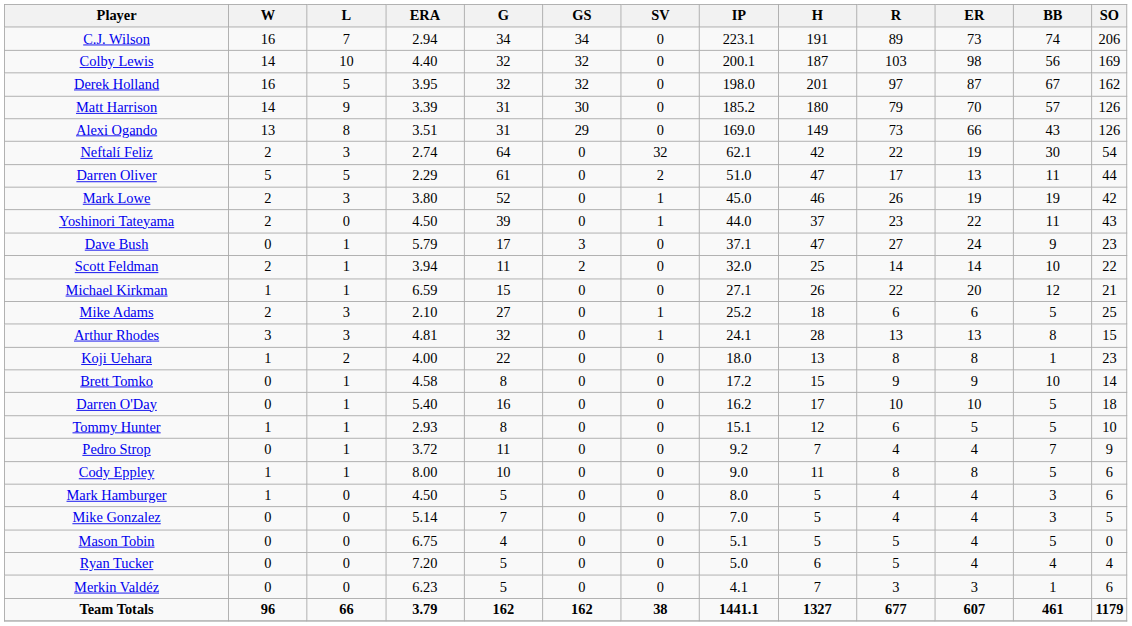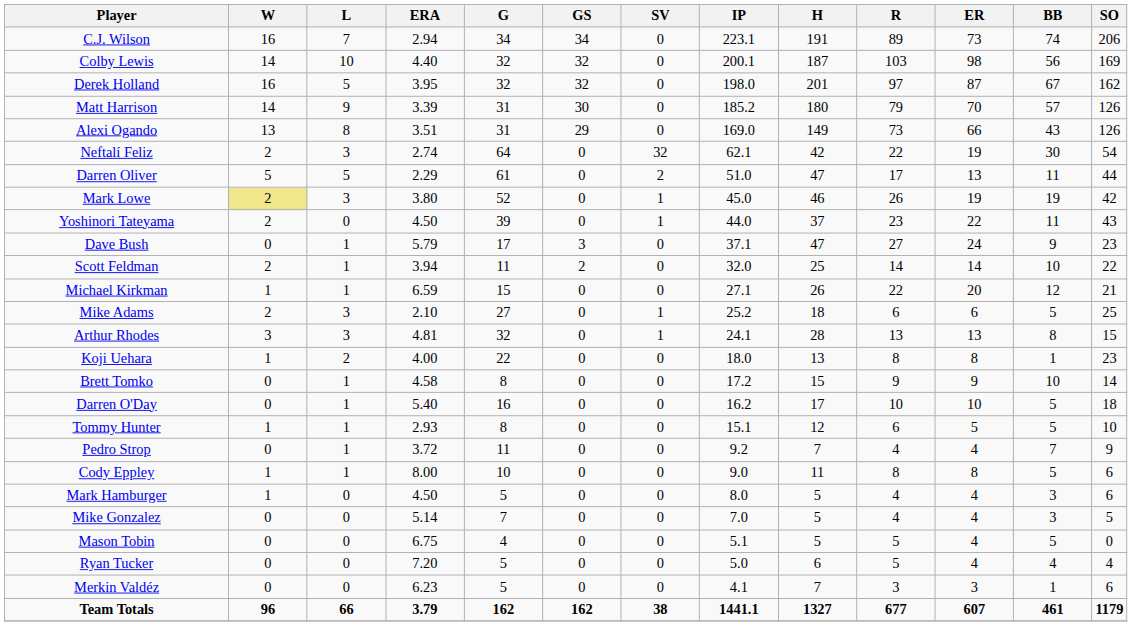 <table class=wikitable style="text-align:center">
 <tr>
 <th bgcolor=#DDDDFF; width="20%">Player</th>
 <th bgcolor=#DDDDFF; width="7%">W</th>
 <th bgcolor=#DDDDFF; width="7%">L</th>
 <th bgcolor=#DDDDFF; width="7%">ERA</th>
 <th bgcolor=#DDDDFF; width="7%">G</th>
 <th bgcolor=#DDDDFF; width="7%">GS</th>
 <th bgcolor=#DDDDFF; width="7%">SV</th>
 <th bgcolor=#DDDDFF; width="7%">IP</th>
 <th bgcolor=#DDDDFF; width="7%">H</th>
 <th bgcolor=#DDDDFF; width="7%">R</th>
 <th bgcolor=#DDDDFF; width="7%">ER</th>
 <th bgcolor=#DDDDFF; width="7%">BB</th>
 <th bgcolor=#DDDDFF; width="7%">SO</th>
 </tr>
 <tr>
 <td><a href='#'>C.J. Wilson</a></td>
 <td>16</td>
 <td>7</td>
 <td>2.94</td>
 <td>34</td>
 <td>34</td>
 <td>0</td>
 <td>223.1</td>
 <td>191</td>
 <td>89</td>
 <td>73</td>
 <td>74</td>
 <td>206</td>
 </tr>
 <tr>
 <td><a href='#'>Colby Lewis</a></td>
 <td>14</td>
 <td>10</td>
 <td>4.40</td>
 <td>32</td>
 <td>32</td>
 <td>0</td>
 <td>200.1</td>
 <td>187</td>
 <td>103</td>
 <td>98</td>
 <td>56</td>
 <td>169</td>
 </tr>
 <tr>
 <td><a href='#'>Derek Holland</a></td>
 <td>16</td>
 <td>5</td>
 <td>3.95</td>
 <td>32</td>
 <td>32</td>
 <td>0</td>
 <td>198.0</td>
 <td>201</td>
 <td>97</td>
 <td>87</td>
 <td>67</td>
 <td>162</td>
 </tr>
 <tr>
 <td><a href='#'>Matt Harrison</a></td>
 <td>14</td>
 <td>9</td>
 <td>3.39</td>
 <td>31</td>
 <td>30</td>
 <td>0</td>
 <td>185.2</td>
 <td>180</td>
 <td>79</td>
 <td>70</td>
 <td>57</td>
 <td>126</td>
 </tr>
 <tr>
 <td><a href='#'>Alexi Ogando</a></td>
 <td>13</td>
 <td>8</td>
 <td>3.51</td>
 <td>31</td>
 <td>29</td>
 <td>0</td>
 <td>169.0</td>
 <td>149</td>
 <td>73</td>
 <td>66</td>
 <td>43</td>
 <td>126</td>
 </tr>
 <tr>
 <td><a href='#'>Neftalí Feliz</a></td>
 <td>2</td>
 <td>3</td>
 <td>2.74</td>
 <td>64</td>
 <td>0</td>
 <td>32</td>
 <td>62.1</td>
 <td>42</td>
 <td>22</td>
 <td>19</td>
 <td>30</td>
 <td>54</td>
 </tr>
 <tr>
 <td><a href='#'>Darren Oliver</a></td>
 <td>5</td>
 <td>5</td>
 <td>2.29</td>
 <td>61</td>
 <td>0</td>
 <td>2</td>
 <td>51.0</td>
 <td>47</td>
 <td>17</td>
 <td>13</td>
 <td>11</td>
 <td>44</td>
 </tr>
 <tr>
 <td><a href='#'>Mark Lowe</a></td>
-<td>2</td>
+<td style="background: khaki;">2</td>
 <td>3</td>
 <td>3.80</td>
 <td>52</td>
 <td>0</td>
 <td>1</td>
 <td>45.0</td>
 <td>46</td>
 <td>26</td>
 <td>19</td>
 <td>19</td>
 <td>42</td>
 </tr>
 <tr>
 <td><a href='#'>Yoshinori Tateyama</a></td>
 <td>2</td>
 <td>0</td>
 <td>4.50</td>
 <td>39</td>
 <td>0</td>
 <td>1</td>
 <td>44.0</td>
 <td>37</td>
 <td>23</td>
 <td>22</td>
 <td>11</td>
 <td>43</td>
 </tr>
 <tr>
 <td><a href='#'>Dave Bush</a></td>
 <td>0</td>
 <td>1</td>
 <td>5.79</td>
 <td>17</td>
 <td>3</td>
 <td>0</td>
 <td>37.1</td>
 <td>47</td>
 <td>27</td>
 <td>24</td>
 <td>9</td>
 <td>23</td>
 </tr>
 <tr>
 <td><a href='#'>Scott Feldman</a></td>
 <td>2</td>
 <td>1</td>
 <td>3.94</td>
 <td>11</td>
 <td>2</td>
 <td>0</td>
 <td>32.0</td>
 <td>25</td>
 <td>14</td>
 <td>14</td>
 <td>10</td>
 <td>22</td>
 </tr>
 <tr>
 <td><a href='#'>Michael Kirkman</a></td>
 <td>1</td>
 <td>1</td>
 <td>6.59</td>
 <td>15</td>
 <td>0</td>
 <td>0</td>
 <td>27.1</td>
 <td>26</td>
 <td>22</td>
 <td>20</td>
 <td>12</td>
 <td>21</td>
 </tr>
 <tr>
 <td><a href='#'>Mike Adams</a></td>
 <td>2</td>
 <td>3</td>
 <td>2.10</td>
 <td>27</td>
 <td>0</td>
 <td>1</td>
 <td>25.2</td>
 <td>18</td>
 <td>6</td>
 <td>6</td>
 <td>5</td>
 <td>25</td>
 </tr>
 <tr>
 <td><a href='#'>Arthur Rhodes</a></td>
 <td>3</td>
 <td>3</td>
 <td>4.81</td>
 <td>32</td>
 <td>0</td>
 <td>1</td>
 <td>24.1</td>
 <td>28</td>
 <td>13</td>
 <td>13</td>
 <td>8</td>
 <td>15</td>
 </tr>
 <tr>
 <td><a href='#'>Koji Uehara</a></td>
 <td>1</td>
 <td>2</td>
 <td>4.00</td>
 <td>22</td>
 <td>0</td>
 <td>0</td>
 <td>18.0</td>
 <td>13</td>
 <td>8</td>
 <td>8</td>
 <td>1</td>
 <td>23</td>
 </tr>
 <tr>
 <td><a href='#'>Brett Tomko</a></td>
 <td>0</td>
 <td>1</td>
 <td>4.58</td>
 <td>8</td>
 <td>0</td>
 <td>0</td>
 <td>17.2</td>
 <td>15</td>
 <td>9</td>
 <td>9</td>
 <td>10</td>
 <td>14</td>
 </tr>
 <tr>
 <td><a href='#'>Darren O'Day</a></td>
 <td>0</td>
 <td>1</td>
 <td>5.40</td>
 <td>16</td>
 <td>0</td>
 <td>0</td>
 <td>16.2</td>
 <td>17</td>
 <td>10</td>
 <td>10</td>
 <td>5</td>
 <td>18</td>
 </tr>
 <tr>
 <td><a href='#'>Tommy Hunter</a></td>
 <td>1</td>
 <td>1</td>
 <td>2.93</td>
 <td>8</td>
 <td>0</td>
 <td>0</td>
 <td>15.1</td>
 <td>12</td>
 <td>6</td>
 <td>5</td>
 <td>5</td>
 <td>10</td>
 </tr>
 <tr>
 <td><a href='#'>Pedro Strop</a></td>
 <td>0</td>
 <td>1</td>
 <td>3.72</td>
 <td>11</td>
 <td>0</td>
 <td>0</td>
 <td>9.2</td>
 <td>7</td>
 <td>4</td>
 <td>4</td>
 <td>7</td>
 <td>9</td>
 </tr>
 <tr>
 <td><a href='#'>Cody Eppley</a></td>
 <td>1</td>
 <td>1</td>
 <td>8.00</td>
 <td>10</td>
 <td>0</td>
 <td>0</td>
 <td>9.0</td>
 <td>11</td>
 <td>8</td>
 <td>8</td>
 <td>5</td>
 <td>6</td>
 </tr>
 <tr>
 <td><a href='#'>Mark Hamburger</a></td>
 <td>1</td>
 <td>0</td>
 <td>4.50</td>
 <td>5</td>
 <td>0</td>
 <td>0</td>
 <td>8.0</td>
 <td>5</td>
 <td>4</td>
 <td>4</td>
 <td>3</td>
 <td>6</td>
 </tr>
 <tr>
 <td><a href='#'>Mike Gonzalez</a></td>
 <td>0</td>
 <td>0</td>
 <td>5.14</td>
 <td>7</td>
 <td>0</td>
 <td>0</td>
 <td>7.0</td>
 <td>5</td>
 <td>4</td>
 <td>4</td>
 <td>3</td>
 <td>5</td>
 </tr>
 <tr>
 <td><a href='#'>Mason Tobin</a></td>
 <td>0</td>
 <td>0</td>
 <td>6.75</td>
 <td>4</td>
 <td>0</td>
 <td>0</td>
 <td>5.1</td>
 <td>5</td>
 <td>5</td>
 <td>4</td>
 <td>5</td>
 <td>0</td>
 </tr>
 <tr>
 <td><a href='#'>Ryan Tucker</a></td>
 <td>0</td>
 <td>0</td>
 <td>7.20</td>
 <td>5</td>
 <td>0</td>
 <td>0</td>
 <td>5.0</td>
 <td>6</td>
 <td>5</td>
 <td>4</td>
 <td>4</td>
 <td>4</td>
 </tr>
 <tr>
 <td><a href='#'>Merkin Valdéz</a></td>
 <td>0</td>
 <td>0</td>
 <td>6.23</td>
 <td>5</td>
 <td>0</td>
 <td>0</td>
 <td>4.1</td>
 <td>7</td>
 <td>3</td>
 <td>3</td>
 <td>1</td>
 <td>6</td>
 </tr>
 <tr>
 <td><strong>Team Totals</strong></td>
 <td><strong>96</strong></td>
 <td><strong>66</strong></td>
 <td><strong>3.79</strong></td>
 <td><strong>162</strong></td>
 <td><strong>162</strong></td>
 <td><strong>38</strong></td>
 <td><strong>1441.1</strong></td>
 <td><strong>1327</strong></td>
 <td><strong>677</strong></td>
 <td><strong>607</strong></td>
 <td><strong>461</strong></td>
 <td><strong>1179</strong></td>
 </tr>
 <tr>
 </tr>
 </table>
